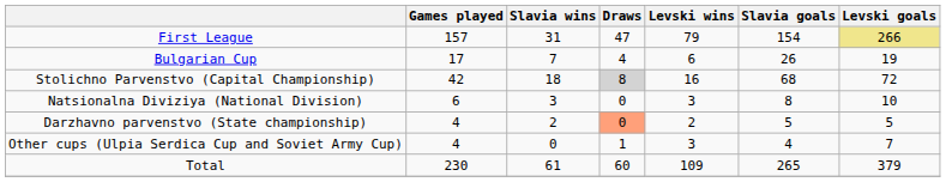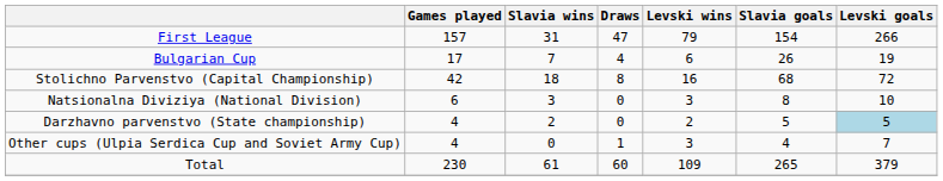 <table class="wikitable" style="text-align: center;">
 <tr>
 <th></th>
 <th>Games played</th>
 <th>Slavia wins</th>
 <th>Draws</th>
 <th>Levski wins</th>
 <th>Slavia goals</th>
 <th>Levski goals</th>
 </tr>
 <tr>
 <td><a href='#'>First League</a></td>
 <td>157</td>
 <td>31</td>
 <td>47</td>
 <td>79</td>
 <td>154</td>
-<td style="background: khaki;">266</td>
+<td>266</td>
 </tr>
 <tr>
 <td><a href='#'>Bulgarian Cup</a></td>
 <td>17</td>
 <td>7</td>
 <td>4</td>
 <td>6</td>
 <td>26</td>
 <td>19</td>
 </tr>
 <tr>
 <td>Stolichno Parvenstvo (Capital Championship) </td>
 <td>42</td>
 <td>18</td>
-<td style="background: lightgrey;">8</td>
+<td>8</td>
 <td>16</td>
 <td>68</td>
 <td>72</td>
 </tr>
 <tr>
 <td>Natsionalna Diviziya (National Division) </td>
 <td>6</td>
 <td>3</td>
 <td>0</td>
 <td>3</td>
 <td>8</td>
 <td>10</td>
 </tr>
 <tr>
 <td>Darzhavno parvenstvo (State championship)  </td>
 <td>4</td>
 <td>2</td>
-<td style="background: lightsalmon;">0</td>
+<td>0</td>
 <td>2</td>
 <td>5</td>
-<td>5</td>
+<td style="background: lightblue;">5</td>
 </tr>
 <tr>
 <td>Other cups (Ulpia Serdica Cup and Soviet Army Cup) </td>
 <td>4</td>
 <td>0</td>
 <td>1</td>
 <td>3</td>
 <td>4</td>
 <td>7</td>
 </tr>
 <tr>
 <td>Total</td>
 <td>230</td>
 <td>61</td>
 <td>60</td>
 <td>109</td>
 <td>265</td>
 <td>379</td>
 </tr>
 <tr>
 </tr>
 </table>
